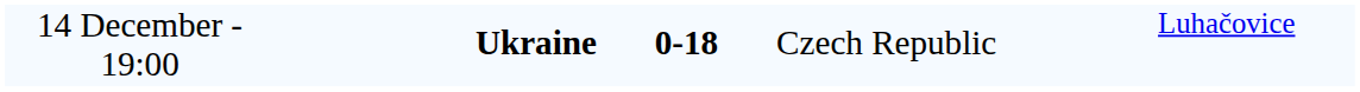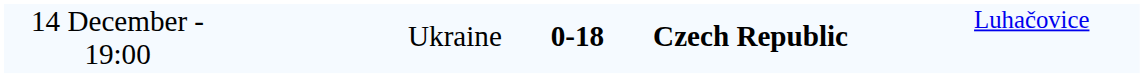 <table style="width: 100%; background:#F5FAFF;" cellspacing="0">
 <tr>
 <td align=center rowspan=3 width=20%>14 December - 19:00</td>
 </tr>
 <tr>
-<td width=24% align=right><strong>Ukraine </strong></td>
+<td width=24% align=right>Ukraine </td>
 <td align=center width=13%><strong>0-18</strong></td>
-<td width=24%> Czech Republic</td>
+<td width=24%><strong> Czech Republic</strong></td>
 <td style=font-size:85% rowspan=3 valign=top align=center><a href='#'>Luhačovice</a></td>
 </tr>
 <tr style=font-size:85%>
 <td align=right valign=top></td>
 <td></td>
 <td></td>
 </tr>
 </table>
